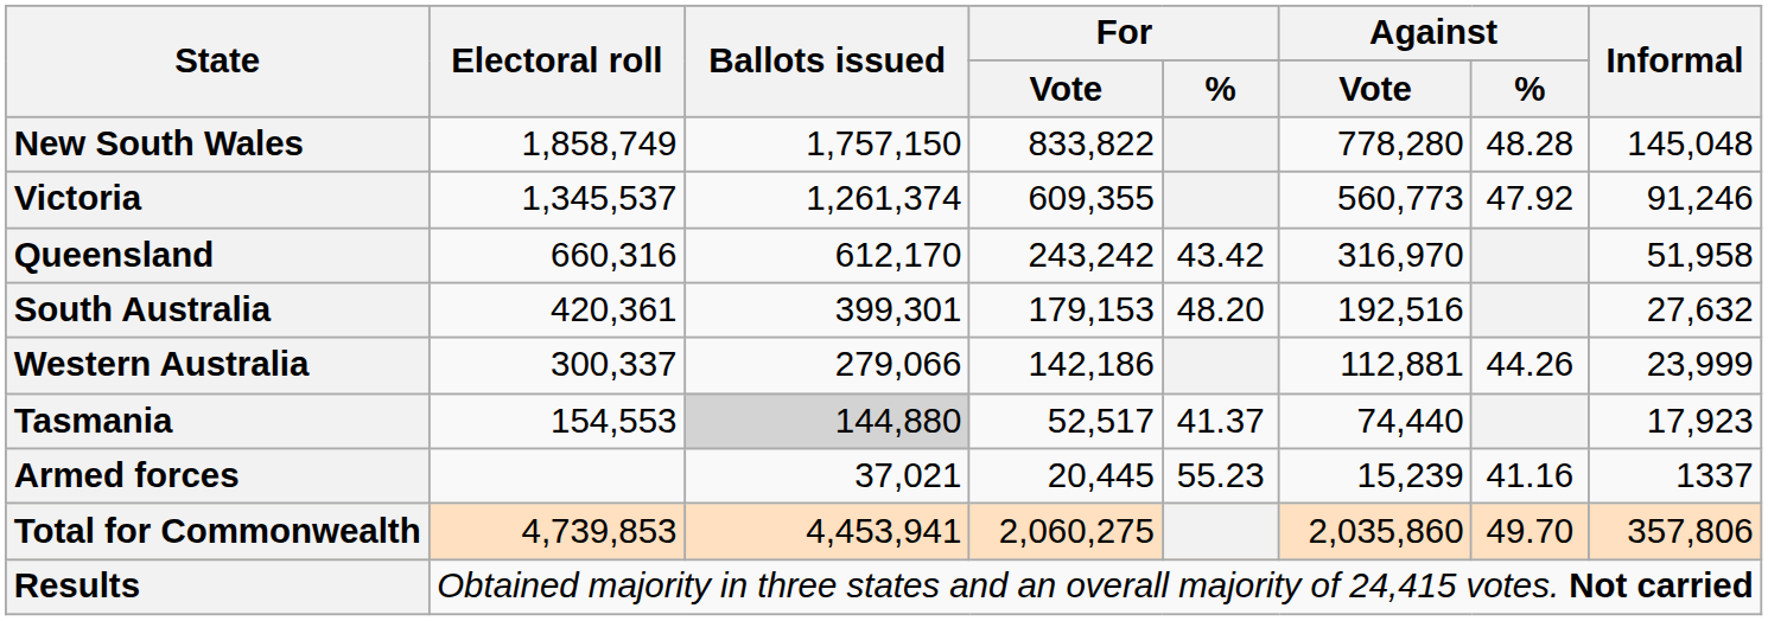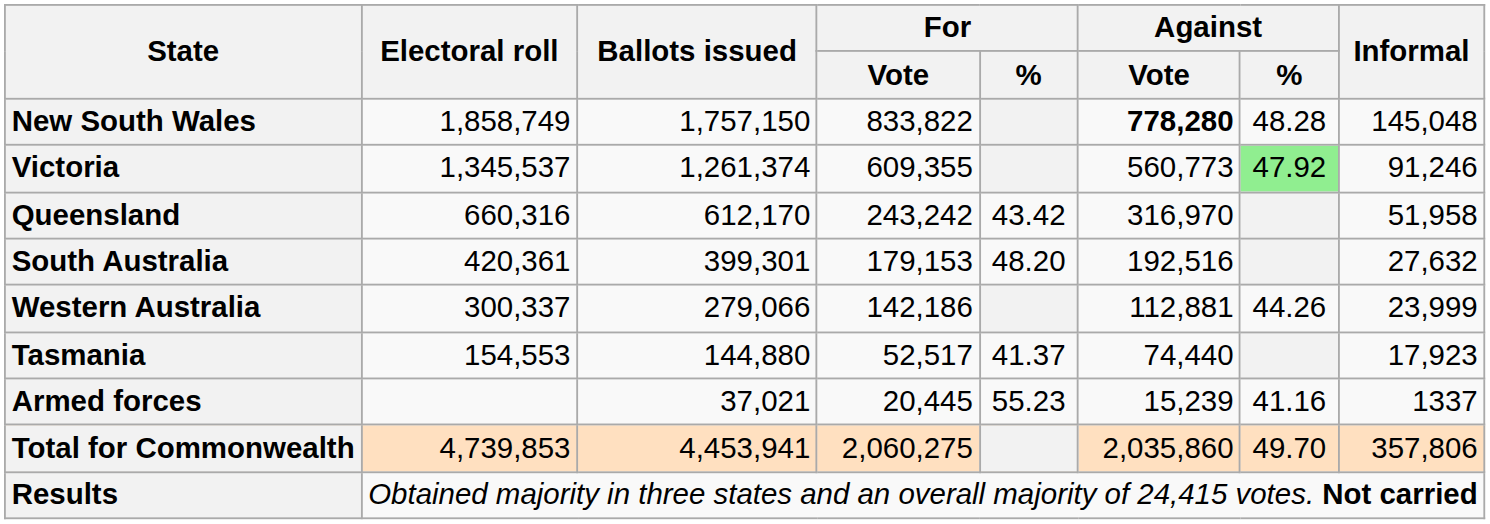 <table class="wikitable">
 <tr align=center>
 <th rowspan="2">State</th>
 <th rowspan="2">Electoral roll</th>
 <th rowspan="2">Ballots issued</th>
 <th align=center colspan="2">For</th>
 <th align=center colspan="2">Against</th>
 <th align=center rowspan="2">Informal</th>
 </tr>
 <tr>
 <th align=center>Vote</th>
 <th align=center>%</th>
 <th align=center>Vote</th>
 <th align=center>%</th>
 </tr>
 <tr align="right">
 <th style="text-align:left;">New South Wales</th>
 <td>1,858,749</td>
 <td>1,757,150</td>
 <td>833,822</td>
 <th></th>
-<td>778,280</td>
+<td><strong>778,280</strong></td>
 <td align="center">48.28</td>
 <td>145,048</td>
 </tr>
 <tr align="right">
 <th style="text-align:left;">Victoria</th>
 <td>1,345,537</td>
 <td>1,261,374</td>
 <td>609,355</td>
 <th></th>
 <td>560,773</td>
-<td align="center">47.92</td>
+<td align="center" style="background: lightgreen;">47.92</td>
 <td>91,246</td>
 </tr>
 <tr align="right">
 <th style="text-align:left;">Queensland</th>
 <td>660,316</td>
 <td>612,170</td>
 <td>243,242</td>
 <td align="center">43.42</td>
 <td>316,970</td>
 <th></th>
 <td>51,958</td>
 </tr>
 <tr align="right">
 <th style="text-align:left;">South Australia</th>
 <td>420,361</td>
 <td>399,301</td>
 <td>179,153</td>
 <td align="center">48.20</td>
 <td>192,516</td>
 <th></th>
 <td>27,632</td>
 </tr>
 <tr align="right">
 <th style="text-align:left;">Western Australia</th>
 <td>300,337</td>
 <td>279,066</td>
 <td>142,186</td>
 <th></th>
 <td>112,881</td>
 <td align="center">44.26</td>
 <td>23,999</td>
 </tr>
 <tr align="right">
 <th style="text-align:left;">Tasmania</th>
 <td>154,553</td>
-<td style="background: lightgrey;">144,880</td>
+<td>144,880</td>
 <td>52,517</td>
 <td align="center">41.37</td>
 <td>74,440</td>
 <th></th>
 <td>17,923</td>
 </tr>
 <tr align="right">
 <th style="text-align:left;">Armed forces</th>
 <td> </td>
 <td>37,021</td>
 <td>20,445</td>
 <td align="center">55.23</td>
 <td>15,239</td>
 <td align="center">41.16</td>
 <td>1337</td>
 </tr>
 <tr bgcolor="#FFE0C0" align="right">
 <th style="text-align:left">Total for Commonwealth</th>
 <td>4,739,853</td>
 <td>4,453,941</td>
 <td>2,060,275</td>
 <th></th>
 <td>2,035,860</td>
 <td align="center">49.70</td>
 <td>357,806</td>
 </tr>
 <tr>
 <th style="text-align:left;">Results</th>
 <td colSpan="8"><em>Obtained majority in three states and an overall majority of 24,415 votes.</em> <strong>Not carried</strong></td>
 </tr>
 </table>
